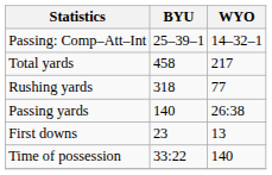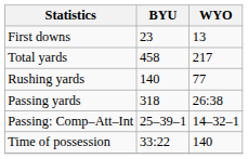 <table class="wikitable" style="float: left;">
 <tr>
 <th>Statistics</th>
 <th>BYU</th>
 <th>WYO</th>
 </tr>
 <tr>
-<td>Passing: Comp–Att–Int</td>
-<td>25–39–1</td>
-<td>14–32–1</td>
+<td>First downs</td>
+<td>23</td>
+<td>13</td>
 </tr>
 <tr>
 <td>Total yards</td>
 <td>458</td>
 <td>217</td>
 </tr>
 <tr>
 <td>Rushing yards</td>
-<td>318</td>
+<td>140</td>
 <td>77</td>
 </tr>
 <tr>
 <td>Passing yards</td>
-<td>140</td>
+<td>318</td>
 <td>26:38</td>
 </tr>
 <tr>
-<td>First downs</td>
-<td>23</td>
-<td>13</td>
+<td>Passing: Comp–Att–Int</td>
+<td>25–39–1</td>
+<td>14–32–1</td>
 </tr>
 <tr>
 <td>Time of possession</td>
 <td>33:22</td>
 <td>140</td>
 </tr>
 <tr>
 </tr>
 </table>
